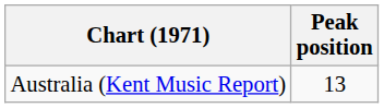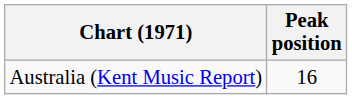 <table class="wikitable">
 <tr>
 <th scope="col">Chart (1971)</th>
 <th>Peak<br>position</th>
 </tr>
 <tr>
 <td>Australia (<a href='#'>Kent Music Report</a>)</td>
-<td style="text-align:center;">13</td>
+<td style="text-align:center;">16</td>
 </tr>
 </table>
